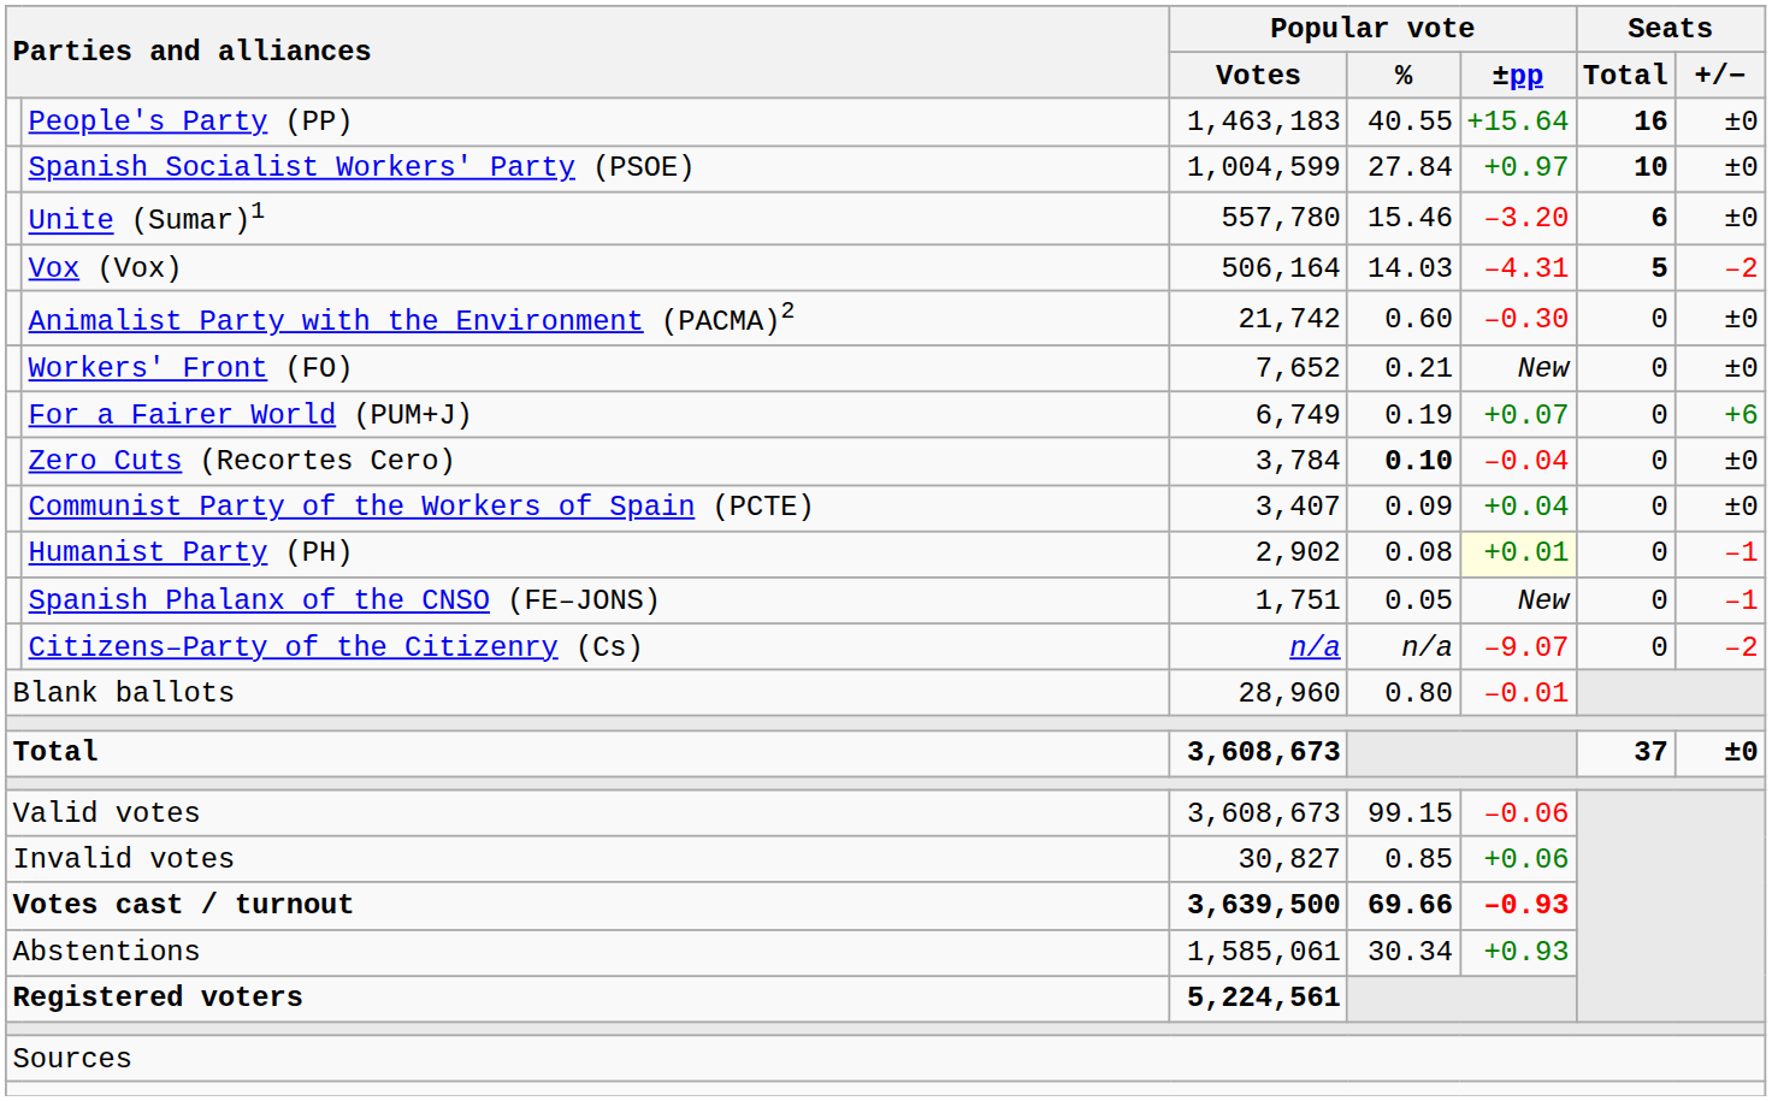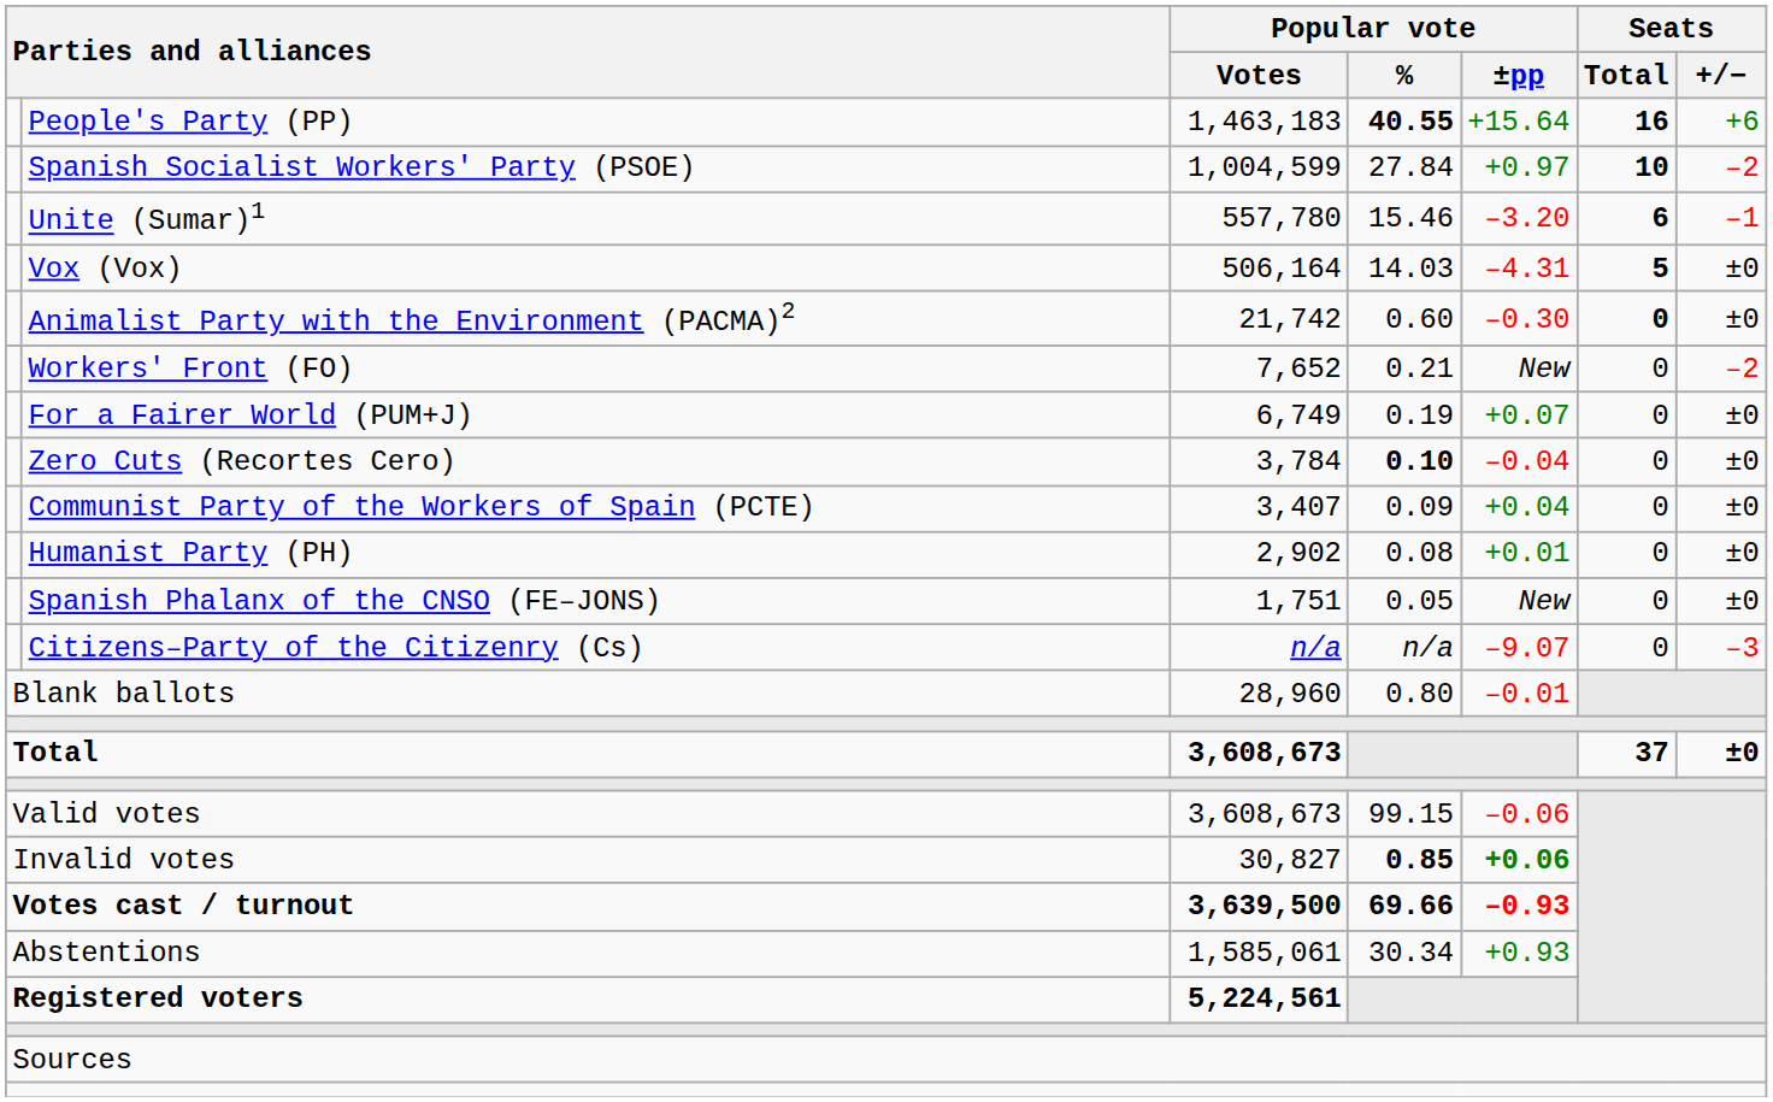 <table class="wikitable" style="text-align:right;">
 <tr>
 <th style="text-align:left;" rowspan="2" colspan="2" width="525">Parties and alliances</th>
 <th colspan="3">Popular vote</th>
 <th colspan="2">Seats</th>
 </tr>
 <tr>
 <th width="75">Votes</th>
 <th width="45">%</th>
 <th width="45">±<a href='#'>pp</a></th>
 <th width="35">Total</th>
 <th width="35">+/−</th>
 </tr>
 <tr>
 <td width="1" style="color:inherit;background:"></td>
 <td align="left"><a href='#'>People's Party</a> (PP)</td>
 <td>1,463,183</td>
-<td>40.55</td>
+<td><strong>40.55</strong></td>
 <td style="color:green;">+15.64</td>
 <td><strong>16</strong></td>
-<td>±0</td>
+<td style="color:green;">+6</td>
 </tr>
 <tr>
 <td style="color:inherit;background:"></td>
 <td align="left"><a href='#'>Spanish Socialist Workers' Party</a> (PSOE)</td>
 <td>1,004,599</td>
 <td>27.84</td>
 <td style="color:green;">+0.97</td>
 <td><strong>10</strong></td>
-<td>±0</td>
+<td style="color:red;">–2</td>
 </tr>
 <tr>
 <td style="color:inherit;background:"></td>
 <td align="left"><a href='#'>Unite</a> (Sumar)<sup>1</sup></td>
 <td>557,780</td>
 <td>15.46</td>
 <td style="color:red;">–3.20</td>
 <td><strong>6</strong></td>
-<td>±0</td>
+<td style="color:red;">–1</td>
 </tr>
 <tr>
 <td style="color:inherit;background:"></td>
 <td align="left"><a href='#'>Vox</a> (Vox)</td>
 <td>506,164</td>
 <td>14.03</td>
 <td style="color:red;">–4.31</td>
 <td><strong>5</strong></td>
-<td style="color:red;">–2</td>
+<td>±0</td>
 </tr>
 <tr>
 <td style="color:inherit;background:"></td>
 <td align="left"><a href='#'>Animalist Party with the Environment</a> (PACMA)<sup>2</sup></td>
 <td>21,742</td>
 <td>0.60</td>
 <td style="color:red;">–0.30</td>
-<td>0</td>
+<td><strong>0</strong></td>
 <td>±0</td>
 </tr>
 <tr>
 <td style="color:inherit;background:"></td>
 <td align="left"><a href='#'>Workers' Front</a> (FO)</td>
 <td>7,652</td>
 <td>0.21</td>
 <td><em>New</em></td>
 <td>0</td>
-<td>±0</td>
+<td style="color:red;">–2</td>
 </tr>
 <tr>
 <td style="color:inherit;background:"></td>
 <td align="left"><a href='#'>For a Fairer World</a> (PUM+J)</td>
 <td>6,749</td>
 <td>0.19</td>
 <td style="color:green;">+0.07</td>
 <td>0</td>
-<td style="color:green;">+6</td>
+<td>±0</td>
 </tr>
 <tr>
 <td style="color:inherit;background:"></td>
 <td align="left"><a href='#'>Zero Cuts</a> (Recortes Cero)</td>
 <td>3,784</td>
 <td><strong>0.10</strong></td>
 <td style="color:red;">–0.04</td>
 <td>0</td>
 <td>±0</td>
 </tr>
 <tr>
 <td style="color:inherit;background:"></td>
 <td align="left"><a href='#'>Communist Party of the Workers of Spain</a> (PCTE)</td>
 <td>3,407</td>
 <td>0.09</td>
 <td style="color:green;">+0.04</td>
 <td>0</td>
 <td>±0</td>
 </tr>
 <tr>
 <td style="color:inherit;background:"></td>
 <td align="left"><a href='#'>Humanist Party</a> (PH)</td>
 <td>2,902</td>
 <td>0.08</td>
-<td style="background: lightyellow; color:green;">+0.01</td>
+<td style="color:green;">+0.01</td>
 <td>0</td>
-<td style="color:red;">–1</td>
+<td>±0</td>
 </tr>
 <tr>
 <td style="color:inherit;background:"></td>
 <td align="left"><a href='#'>Spanish Phalanx of the CNSO</a> (FE–JONS)</td>
 <td>1,751</td>
 <td>0.05</td>
 <td><em>New</em></td>
 <td>0</td>
-<td style="color:red;">–1</td>
+<td>±0</td>
 </tr>
 <tr>
 <td style="color:inherit;background:"></td>
 <td align="left"><a href='#'>Citizens–Party of the Citizenry</a> (Cs)</td>
 <td><em><a href='#'>n/a</a></em></td>
 <td><em>n/a</em></td>
 <td style="color:red;">–9.07</td>
 <td>0</td>
-<td style="color:red;">–2</td>
+<td style="color:red;">–3</td>
 </tr>
 <tr>
 <td align="left" colspan="2">Blank ballots</td>
 <td>28,960</td>
 <td>0.80</td>
 <td style="color:red;">–0.01</td>
 <td bgcolor="#E9E9E9" colspan="2"></td>
 </tr>
 <tr>
 <td colspan="7" bgcolor="#E9E9E9"></td>
 </tr>
 <tr style="font-weight:bold;">
 <td align="left" colspan="2">Total</td>
 <td>3,608,673</td>
 <td bgcolor="#E9E9E9" colspan="2"></td>
 <td>37</td>
 <td>±0</td>
 </tr>
 <tr>
 <td colspan="7" bgcolor="#E9E9E9"></td>
 </tr>
 <tr>
 <td align="left" colspan="2">Valid votes</td>
 <td>3,608,673</td>
 <td>99.15</td>
 <td style="color:red;">–0.06</td>
 <td bgcolor="#E9E9E9" colspan="2" rowspan="5"></td>
 </tr>
 <tr>
 <td align="left" colspan="2">Invalid votes</td>
 <td>30,827</td>
-<td>0.85</td>
-<td style="color:green;">+0.06</td>
+<td><strong>0.85</strong></td>
+<td style="color:green;"><strong>+0.06</strong></td>
 </tr>
 <tr style="font-weight:bold;">
 <td align="left" colspan="2">Votes cast / turnout</td>
 <td>3,639,500</td>
 <td>69.66</td>
 <td style="color:red;">–0.93</td>
 </tr>
 <tr>
 <td align="left" colspan="2">Abstentions</td>
 <td>1,585,061</td>
 <td>30.34</td>
 <td style="color:green;">+0.93</td>
 </tr>
 <tr style="font-weight:bold;">
 <td align="left" colspan="2">Registered voters</td>
 <td>5,224,561</td>
 <td bgcolor="#E9E9E9" colspan="2"></td>
 </tr>
 <tr>
 <td colspan="7" bgcolor="#E9E9E9"></td>
 </tr>
 <tr>
 <td align="left" colspan="7">Sources</td>
 </tr>
 <tr>
 <td colspan="7" style="text-align:left; max-width:790px;"></td>
 </tr>
 </table>
